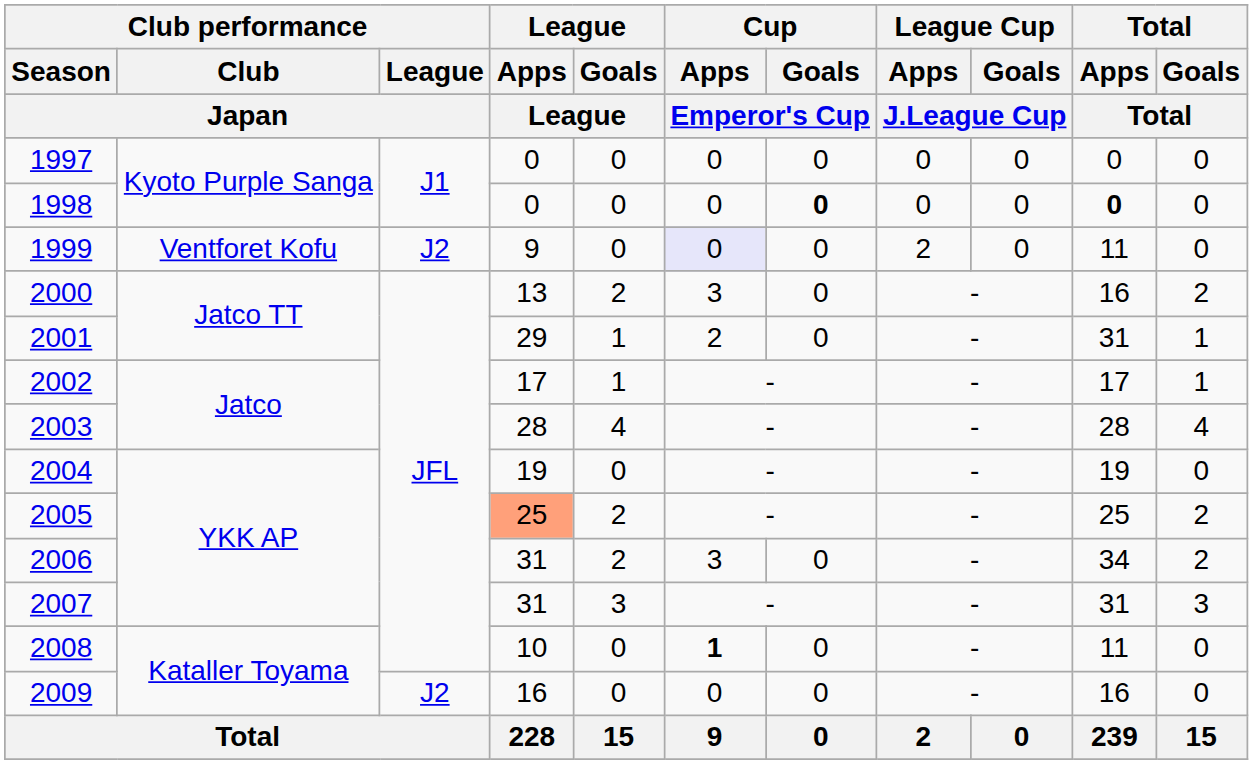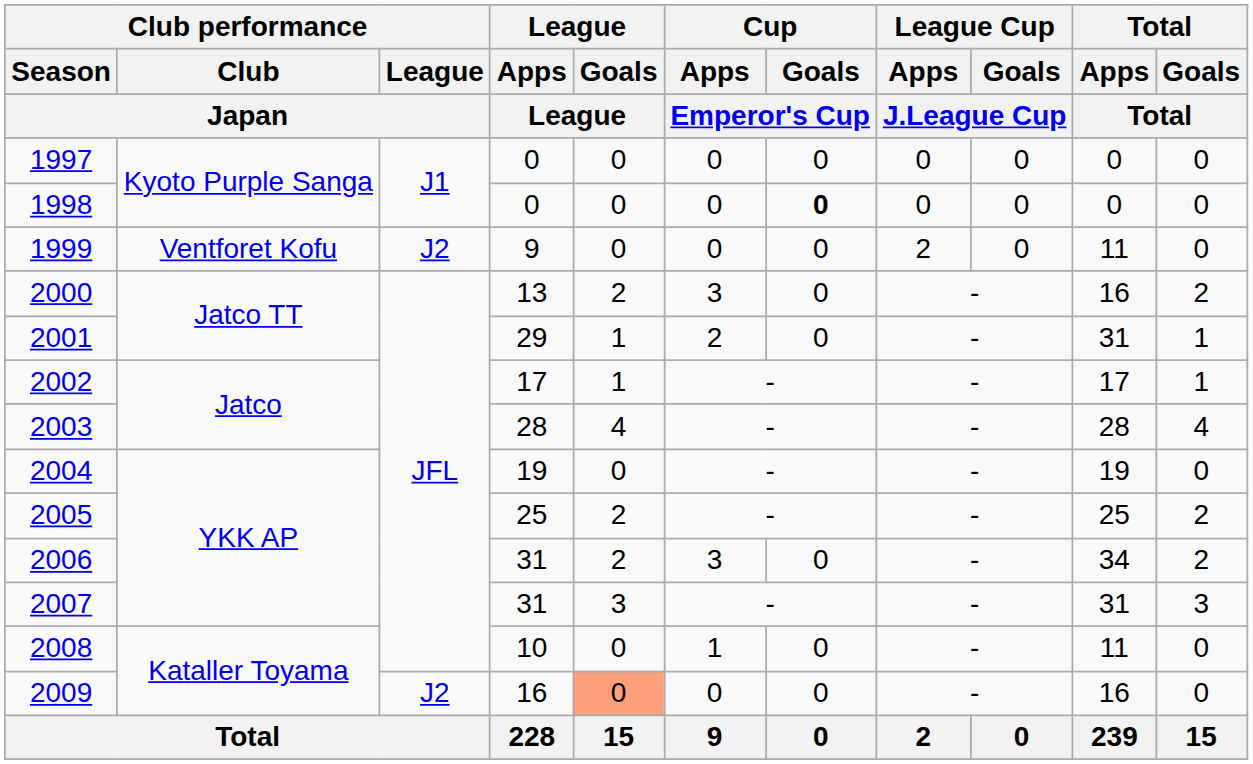 <table class="wikitable" style="text-align:center;">
 <tr>
 <th colspan=3>Club performance</th>
 <th colspan=2>League</th>
 <th colspan=2>Cup</th>
 <th colspan=2>League Cup</th>
 <th colspan=2>Total</th>
 </tr>
 <tr>
 <th>Season</th>
 <th>Club</th>
 <th>League</th>
 <th>Apps</th>
 <th>Goals</th>
 <th>Apps</th>
 <th>Goals</th>
 <th>Apps</th>
 <th>Goals</th>
 <th>Apps</th>
 <th>Goals</th>
 </tr>
 <tr>
 <th colspan=3>Japan</th>
 <th colspan=2>League</th>
 <th colspan=2><a href='#'>Emperor's Cup</a></th>
 <th colspan=2><a href='#'>J.League Cup</a></th>
 <th colspan=2>Total</th>
 </tr>
 <tr>
 <td><a href='#'>1997</a></td>
 <td rowspan="2"><a href='#'>Kyoto Purple Sanga</a></td>
 <td rowspan="2"><a href='#'>J1</a></td>
 <td>0</td>
 <td>0</td>
 <td>0</td>
 <td>0</td>
 <td>0</td>
 <td>0</td>
 <td>0</td>
 <td>0</td>
 </tr>
 <tr>
 <td><a href='#'>1998</a></td>
 <td>0</td>
 <td>0</td>
 <td>0</td>
 <td><strong>0</strong></td>
 <td>0</td>
 <td>0</td>
-<td><strong>0</strong></td>
+<td>0</td>
 <td>0</td>
 </tr>
 <tr>
 <td><a href='#'>1999</a></td>
 <td><a href='#'>Ventforet Kofu</a></td>
 <td><a href='#'>J2</a></td>
 <td>9</td>
 <td>0</td>
-<td style="background: lavender;">0</td>
+<td>0</td>
 <td>0</td>
 <td>2</td>
 <td>0</td>
 <td>11</td>
 <td>0</td>
 </tr>
 <tr>
 <td><a href='#'>2000</a></td>
 <td rowspan="2"><a href='#'>Jatco TT</a></td>
 <td rowspan="9"><a href='#'>JFL</a></td>
 <td>13</td>
 <td>2</td>
 <td>3</td>
 <td>0</td>
 <td colspan="2">-</td>
 <td>16</td>
 <td>2</td>
 </tr>
 <tr>
 <td><a href='#'>2001</a></td>
 <td>29</td>
 <td>1</td>
 <td>2</td>
 <td>0</td>
 <td colspan="2">-</td>
 <td>31</td>
 <td>1</td>
 </tr>
 <tr>
 <td><a href='#'>2002</a></td>
 <td rowspan="2"><a href='#'>Jatco</a></td>
 <td>17</td>
 <td>1</td>
 <td colspan="2">-</td>
 <td colspan="2">-</td>
 <td>17</td>
 <td>1</td>
 </tr>
 <tr>
 <td><a href='#'>2003</a></td>
 <td>28</td>
 <td>4</td>
 <td colspan="2">-</td>
 <td colspan="2">-</td>
 <td>28</td>
 <td>4</td>
 </tr>
 <tr>
 <td><a href='#'>2004</a></td>
 <td rowspan="4"><a href='#'>YKK AP</a></td>
 <td>19</td>
 <td>0</td>
 <td colspan="2">-</td>
 <td colspan="2">-</td>
 <td>19</td>
 <td>0</td>
 </tr>
 <tr>
 <td><a href='#'>2005</a></td>
-<td style="background: lightsalmon;">25</td>
+<td>25</td>
 <td>2</td>
 <td colspan="2">-</td>
 <td colspan="2">-</td>
 <td>25</td>
 <td>2</td>
 </tr>
 <tr>
 <td><a href='#'>2006</a></td>
 <td>31</td>
 <td>2</td>
 <td>3</td>
 <td>0</td>
 <td colspan="2">-</td>
 <td>34</td>
 <td>2</td>
 </tr>
 <tr>
 <td><a href='#'>2007</a></td>
 <td>31</td>
 <td>3</td>
 <td colspan="2">-</td>
 <td colspan="2">-</td>
 <td>31</td>
 <td>3</td>
 </tr>
 <tr>
 <td><a href='#'>2008</a></td>
 <td rowspan="2"><a href='#'>Kataller Toyama</a></td>
 <td>10</td>
 <td>0</td>
-<td><strong>1</strong></td>
+<td>1</td>
 <td>0</td>
 <td colspan="2">-</td>
 <td>11</td>
 <td>0</td>
 </tr>
 <tr>
 <td><a href='#'>2009</a></td>
 <td><a href='#'>J2</a></td>
 <td>16</td>
-<td>0</td>
+<td style="background: lightsalmon;">0</td>
 <td>0</td>
 <td>0</td>
 <td colspan="2">-</td>
 <td>16</td>
 <td>0</td>
 </tr>
 <tr>
 <th colspan=3>Total</th>
 <th>228</th>
 <th>15</th>
 <th>9</th>
 <th>0</th>
 <th>2</th>
 <th>0</th>
 <th>239</th>
 <th>15</th>
 </tr>
 </table>
